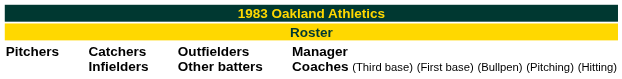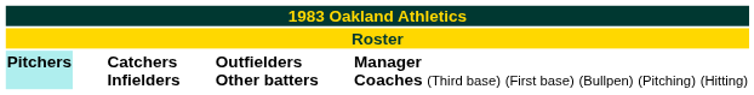 <table class="toccolours" style="font-size: 95%;">
 <tr>
 <th colspan="10" style="background-color: #003831; color: #FFD800; text-align: center;">1983 Oakland Athletics</th>
 </tr>
 <tr>
 <td colspan="10" style="background-color: #FFD800; color: #003831; text-align: center;"><strong>Roster</strong></td>
 </tr>
 <tr>
-<td valign="top"><strong>Pitchers</strong><br>                    </td>
+<td valign="top" style="background: paleturquoise;"><strong>Pitchers</strong><br>                    </td>
 <td width="25px"></td>
 <td valign="top"><strong>Catchers</strong><br>   <strong>Infielders</strong>           </td>
 <td width="25px"></td>
 <td valign="top"><strong>Outfielders</strong><br>      <strong>Other batters</strong>  </td>
 <td width="25px"></td>
 <td valign="top"><strong>Manager</strong><br> <strong>Coaches</strong>  <small>(Third base)</small>  <small>(First base)</small>  <small>(Bullpen)</small>  <small>(Pitching)</small>  <small>(Hitting)</small></td>
 </tr>
 </table>
